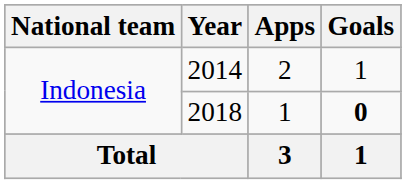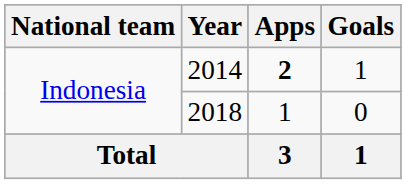 <table class=wikitable style=text-align:center>
 <tr>
 <th>National team</th>
 <th>Year</th>
 <th>Apps</th>
 <th>Goals</th>
 </tr>
 <tr>
 <td rowspan="2"><a href='#'>Indonesia</a></td>
 <td>2014</td>
-<td>2</td>
+<td><strong>2</strong></td>
 <td>1</td>
 </tr>
 <tr>
 <td>2018</td>
 <td>1</td>
-<td><strong>0</strong></td>
+<td>0</td>
 </tr>
 <tr>
 <th colspan=2>Total</th>
 <th>3</th>
 <th>1</th>
 </tr>
 </table>
